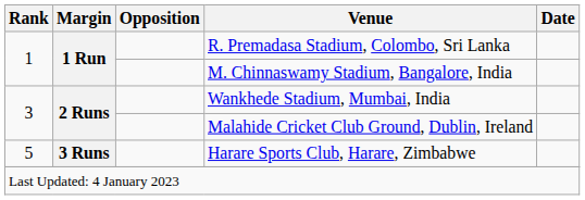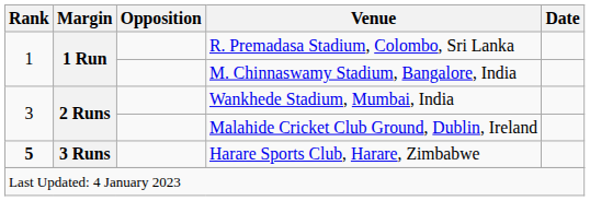 <table class="wikitable sortable">
 <tr>
 <th scope=col>Rank</th>
 <th scope=col>Margin</th>
 <th scope=col>Opposition</th>
 <th scope=col>Venue</th>
 <th scope=col>Date</th>
 </tr>
 <tr>
 <td align=center rowspan=2>1</td>
 <th scope=row style=text-align:center rowspan=2>1 Run</th>
 <td></td>
 <td><a href='#'>R. Premadasa Stadium</a>, <a href='#'>Colombo</a>, Sri Lanka</td>
 <td> </td>
 </tr>
 <tr>
 <td></td>
 <td><a href='#'>M. Chinnaswamy Stadium</a>, <a href='#'>Bangalore</a>, India</td>
 <td> </td>
 </tr>
 <tr>
 <td align=center rowspan=2>3</td>
 <th scope=row style=text-align:center rowspan=2>2 Runs</th>
 <td></td>
 <td><a href='#'>Wankhede Stadium</a>, <a href='#'>Mumbai</a>, India</td>
 <td></td>
 </tr>
 <tr>
 <td></td>
 <td><a href='#'>Malahide Cricket Club Ground</a>, <a href='#'>Dublin</a>, Ireland</td>
 <td></td>
 </tr>
 <tr>
-<td align=center>5</td>
+<td align=center><strong>5</strong></td>
 <th scope=row style=text-align:center>3 Runs</th>
 <td></td>
 <td><a href='#'>Harare Sports Club</a>, <a href='#'>Harare</a>, Zimbabwe</td>
 <td></td>
 </tr>
 <tr>
 </tr>
 <tr class=sortbottom>
 <td colspan=7><small>Last Updated: 4 January 2023</small></td>
 </tr>
 </table>
